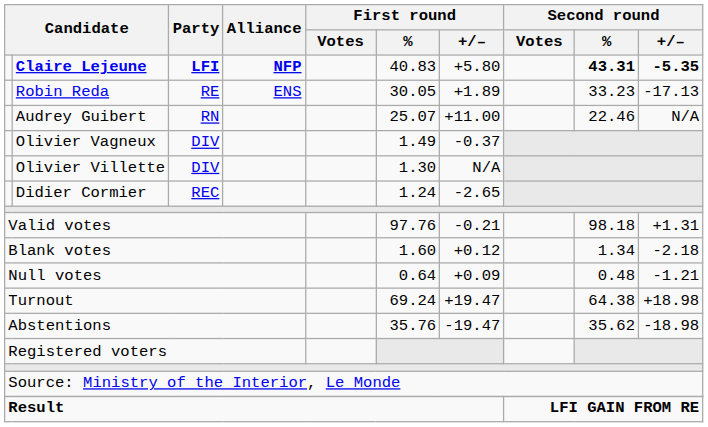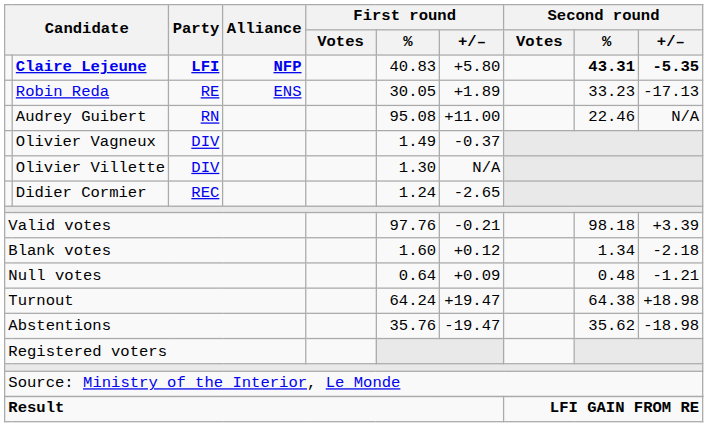 <table class="wikitable" style="text-align:right;font-size:95%;">
 <tr>
 <th rowspan="2" colspan="2">Candidate</th>
 <th rowspan="2">Party</th>
 <th rowspan="2">Alliance</th>
 <th colspan="3">First round</th>
 <th colspan="3">Second round</th>
 </tr>
 <tr>
 <th style="width:50px;">Votes</th>
 <th style="width:45px;">%</th>
 <th style="width:45px;">+/–</th>
 <th style="width:50px;">Votes</th>
 <th style="width:45px;">%</th>
 <th style="width:45px;">+/–</th>
 </tr>
 <tr>
 <td style="color:inherit;background:"></td>
 <td style="text-align:left;"><strong><a href='#'>Claire Lejeune</a></strong></td>
 <td><a href='#'><strong>LFI</strong></a></td>
 <td><a href='#'><strong>NFP</strong></a></td>
 <td></td>
 <td>40.83</td>
 <td>+5.80</td>
 <td><strong></strong></td>
 <td><strong>43.31</strong></td>
 <td><strong>-5.35</strong></td>
 </tr>
 <tr>
 <td style="color:inherit;background:"></td>
 <td style="text-align:left;"><a href='#'>Robin Reda</a></td>
 <td><a href='#'>RE</a></td>
 <td><a href='#'>ENS</a></td>
 <td></td>
 <td>30.05</td>
 <td>+1.89</td>
 <td></td>
 <td>33.23</td>
 <td>-17.13</td>
 </tr>
 <tr>
 <td style="color:inherit;background:"></td>
 <td style="text-align:left;">Audrey Guibert</td>
 <td><a href='#'>RN</a></td>
 <td></td>
 <td></td>
-<td>25.07</td>
+<td>95.08</td>
 <td>+11.00</td>
 <td></td>
 <td>22.46</td>
 <td>N/A</td>
 </tr>
 <tr>
 <td style="color:inherit;background:"></td>
 <td style="text-align:left;">Olivier Vagneux</td>
 <td><a href='#'>DIV</a></td>
 <td></td>
 <td></td>
 <td>1.49</td>
 <td>-0.37</td>
 <td colspan="3" style="background:#E9E9E9;"></td>
 </tr>
 <tr>
 <td style="color:inherit;background:"></td>
 <td style="text-align:left;">Olivier Villette</td>
 <td><a href='#'>DIV</a></td>
 <td></td>
 <td></td>
 <td>1.30</td>
 <td>N/A</td>
 <td colspan="3" style="background:#E9E9E9;"></td>
 </tr>
 <tr>
 <td style="color:inherit;background:"></td>
 <td style="text-align:left;">Didier Cormier</td>
 <td><a href='#'>REC</a></td>
 <td></td>
 <td></td>
 <td>1.24</td>
 <td>-2.65</td>
 <td colspan="3" style="background:#E9E9E9;"></td>
 </tr>
 <tr>
 <td colspan="10" style="background:#E9E9E9;"></td>
 </tr>
 <tr>
 <td colspan="4" style="text-align:left;">Valid votes</td>
 <td></td>
 <td>97.76</td>
 <td>-0.21</td>
 <td></td>
 <td>98.18</td>
-<td>+1.31</td>
+<td>+3.39</td>
 </tr>
 <tr>
 <td colspan="4" style="text-align:left;">Blank votes</td>
 <td></td>
 <td>1.60</td>
 <td>+0.12</td>
 <td></td>
 <td>1.34</td>
 <td>-2.18</td>
 </tr>
 <tr>
 <td colspan="4" style="text-align:left;">Null votes</td>
 <td></td>
 <td>0.64</td>
 <td>+0.09</td>
 <td></td>
 <td>0.48</td>
 <td>-1.21</td>
 </tr>
 <tr>
 <td colspan="4" style="text-align:left;">Turnout</td>
 <td></td>
-<td>69.24</td>
+<td>64.24</td>
 <td>+19.47</td>
 <td></td>
 <td>64.38</td>
 <td>+18.98</td>
 </tr>
 <tr>
 <td colspan="4" style="text-align:left;">Abstentions</td>
 <td></td>
 <td>35.76</td>
 <td>-19.47</td>
 <td></td>
 <td>35.62</td>
 <td>-18.98</td>
 </tr>
 <tr>
 <td colspan="4" style="text-align:left;">Registered voters</td>
 <td></td>
 <td colspan="2" style="background:#E9E9E9;"></td>
 <td></td>
 <td colspan="2" style="background:#E9E9E9;"></td>
 </tr>
 <tr>
 <td colspan="10" style="background:#E9E9E9;"></td>
 </tr>
 <tr>
 <td colspan="10" style="text-align:left;">Source: <a href='#'>Ministry of the Interior</a>, <a href='#'>Le Monde</a></td>
 </tr>
 <tr>
 </tr>
 <tr style="font-weight:bold">
 <td colspan="7" style="text-align:left;">Result</td>
 <td colspan="7" style="background-color:">LFI GAIN FROM RE</td>
 </tr>
 </table>
